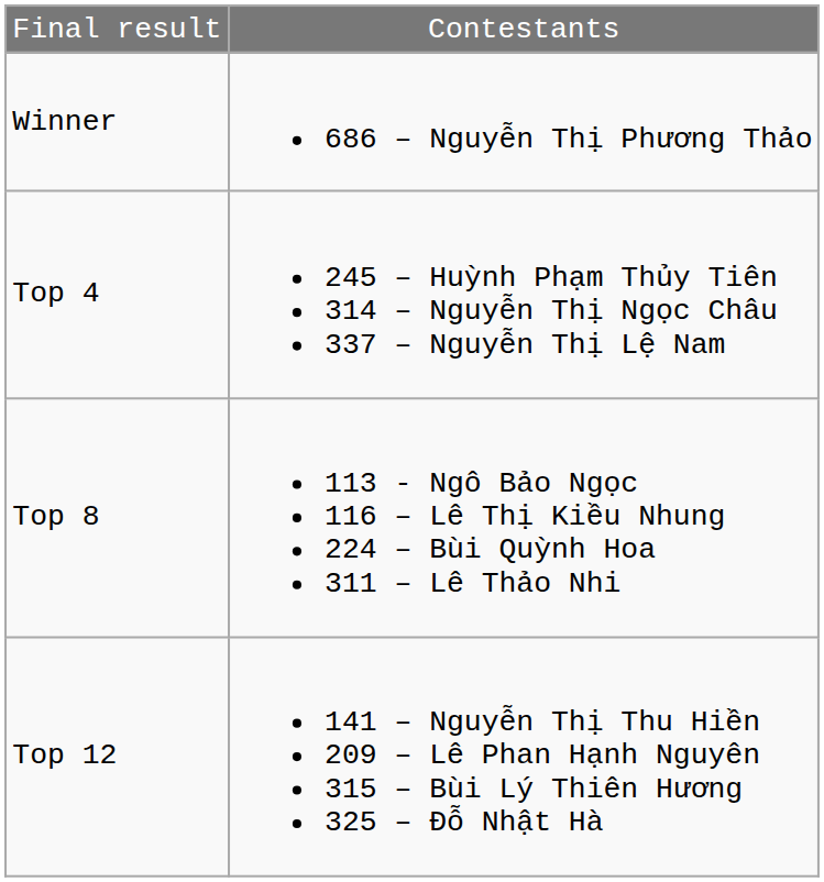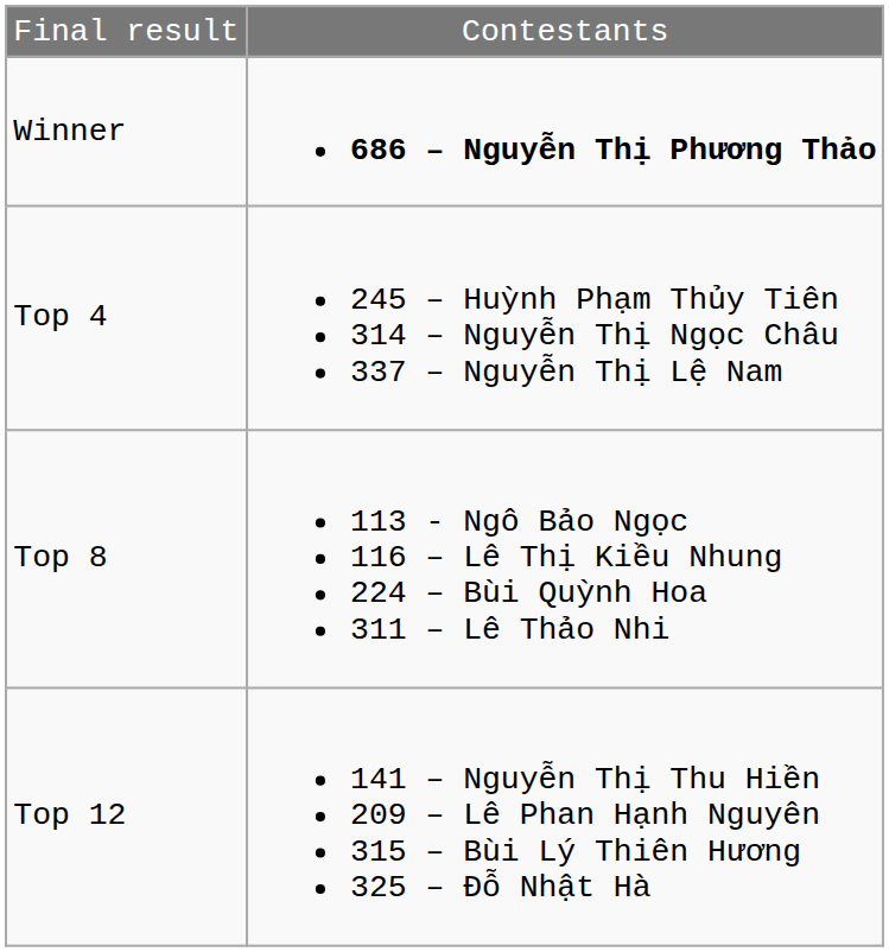 <table class="wikitable">
 <tr bgcolor="#787878" style="color:#FFFFFF" align="center">
 <td>Final result</td>
 <td>Contestants</td>
 </tr>
 <tr>
 <td>Winner</td>
-<td><br><ul><li>686 – Nguyễn Thị Phương Thảo</li></ul></td>
+<td><strong><br><ul><li>686 – Nguyễn Thị Phương Thảo</li></ul></strong></td>
 </tr>
 <tr>
 <td>Top 4</td>
 <td><br><ul><li>245 – Huỳnh Phạm Thủy Tiên</li><li>314 – Nguyễn Thị Ngọc Châu</li><li>337 – Nguyễn Thị Lệ Nam</li></ul></td>
 </tr>
 <tr>
 <td>Top 8</td>
 <td><br><ul><li>113 - Ngô Bảo Ngọc</li><li>116 – Lê Thị Kiều Nhung</li><li>224 – Bùi Quỳnh Hoa</li><li>311 – Lê Thảo Nhi</li></ul></td>
 </tr>
 <tr>
 <td>Top 12</td>
 <td><br><ul><li>141 – Nguyễn Thị Thu Hiền</li><li>209 – Lê Phan Hạnh Nguyên</li><li>315 – Bùi Lý Thiên Hương</li><li>325 – Đỗ Nhật Hà</li></ul></td>
 </tr>
 </table>
